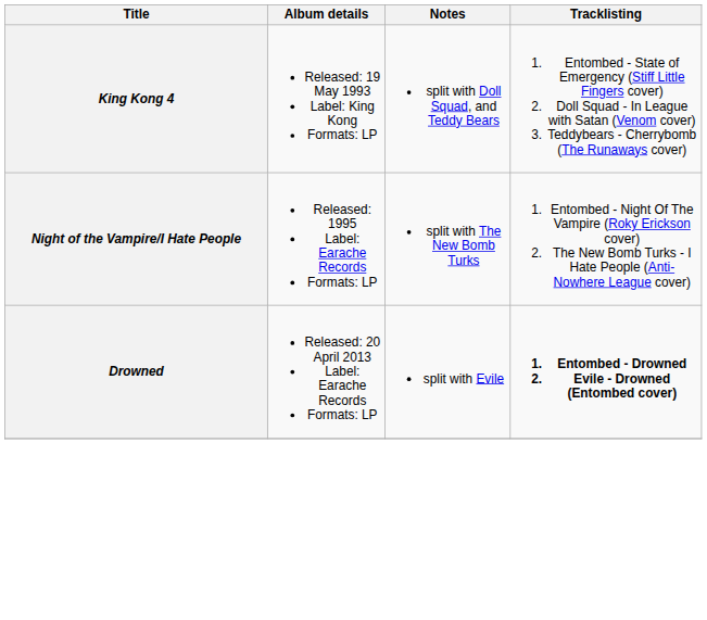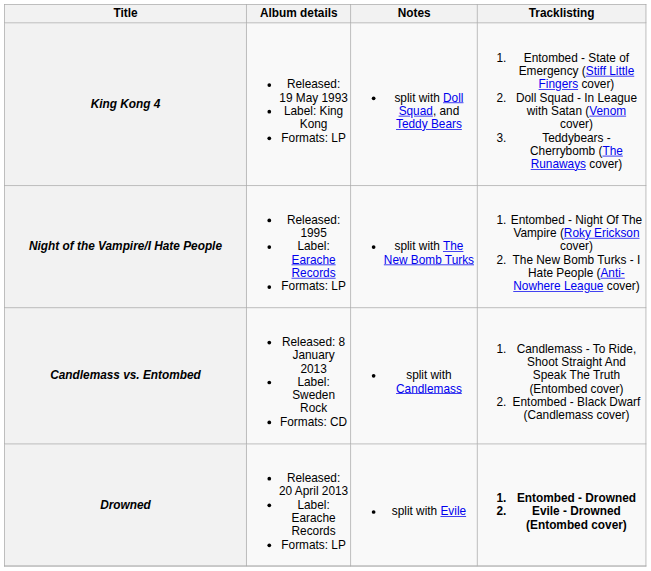 <table class="wikitable plainrowheaders" style="text-align:center;">
 <tr>
 <th scope="col" style="width:20em;">Title</th>
 <th scope="col">Album details</th>
 <th scope="col">Notes</th>
 <th scope="col">Tracklisting</th>
 </tr>
 <tr>
 <th scope="row"><em>King Kong 4</em></th>
 <td><br><ul><li>Released: 19 May 1993</li><li>Label: King Kong</li><li>Formats: LP</li></ul></td>
 <td><br><ul><li>split with <a href='#'>Doll Squad</a>, and <a href='#'>Teddy Bears</a></li></ul></td>
 <td><br><ol><li>Entombed - State of Emergency (<a href='#'>Stiff Little Fingers</a> cover)</li><li>Doll Squad - In League with Satan (<a href='#'>Venom</a> cover)</li><li>Teddybears - Cherrybomb (<a href='#'>The Runaways</a> cover)</li></ol></td>
 </tr>
 <tr>
 <th scope="row"><em>Night of the Vampire/I Hate People</em></th>
 <td><br><ul><li>Released: 1995</li><li>Label: <a href='#'>Earache Records</a></li><li>Formats: LP</li></ul></td>
 <td><br><ul><li>split with <a href='#'>The New Bomb Turks</a></li></ul></td>
 <td><br><ol><li>Entombed - Night Of The Vampire (<a href='#'>Roky Erickson</a> cover)</li><li>The New Bomb Turks - I Hate People (<a href='#'>Anti-Nowhere League</a> cover)</li></ol></td>
 </tr>
 <tr>
+<th scope="row"><em>Candlemass vs. Entombed</em></th>
+<td><br><ul><li>Released: 8 January 2013</li><li>Label: Sweden Rock</li><li>Formats: CD</li></ul></td>
+<td><br><ul><li>split with <a href='#'>Candlemass</a></li></ul></td>
+<td><br><ol><li>Candlemass - To Ride, Shoot Straight And Speak The Truth (Entombed cover)</li><li>Entombed - Black Dwarf (Candlemass cover)</li></ol></td>
+</tr>
+<tr>
 <th scope="row"><em>Drowned</em></th>
 <td><br><ul><li>Released: 20 April 2013</li><li>Label: Earache Records</li><li>Formats: LP</li></ul></td>
 <td><br><ul><li>split with <a href='#'>Evile</a></li></ul></td>
 <td><strong><br><ol><li>Entombed - Drowned</li><li>Evile - Drowned (Entombed cover)</li></ol></strong></td>
 </tr>
 <tr>
 </tr>
 </table>
